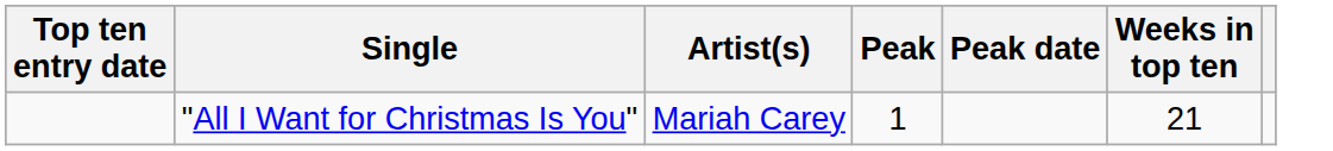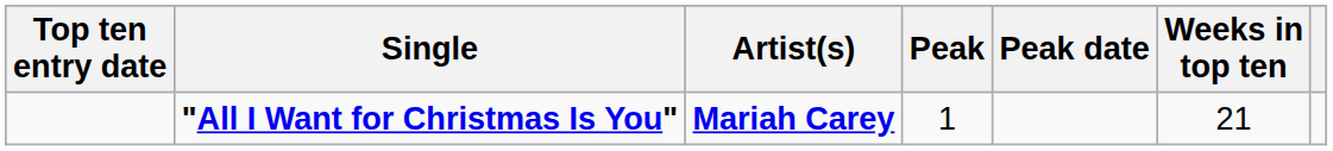 <table class="wikitable">
 <tr>
 <th>Top ten<br>entry date</th>
 <th>Single</th>
 <th>Artist(s)</th>
 <th data-sort-type="number">Peak</th>
 <th>Peak date</th>
 <th data-sort-type="number">Weeks in<br>top ten</th>
 <th></th>
 </tr>
 <tr>
 <td></td>
-<td>"<a href='#'>All I Want for Christmas Is You</a>" </td>
-<td><a href='#'>Mariah Carey</a></td>
+<td><strong>"<a href='#'>All I Want for Christmas Is You</a>" </strong></td>
+<td><strong><a href='#'>Mariah Carey</a></strong></td>
 <td style="text-align:center;">1</td>
 <td></td>
 <td style="text-align:center;">21</td>
 <td></td>
 </tr>
 </table>
